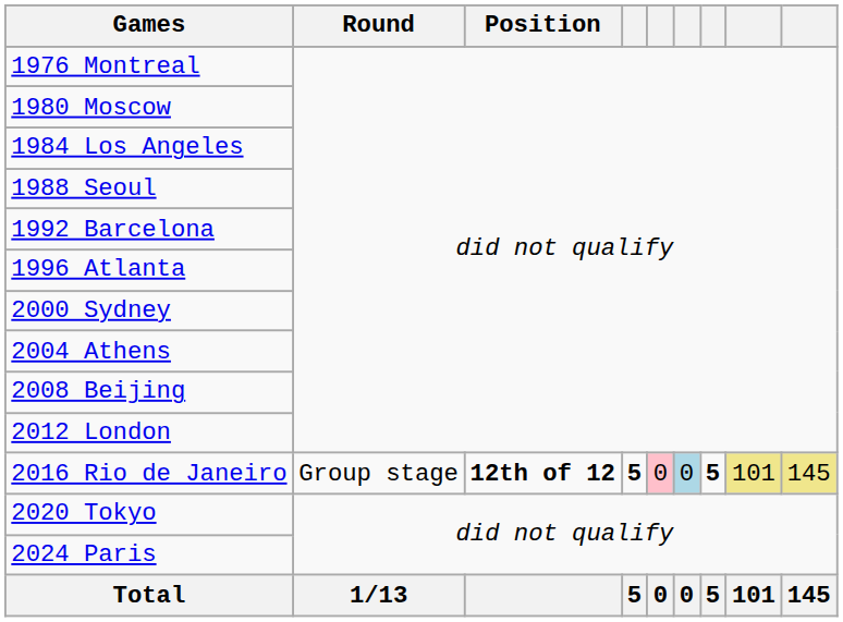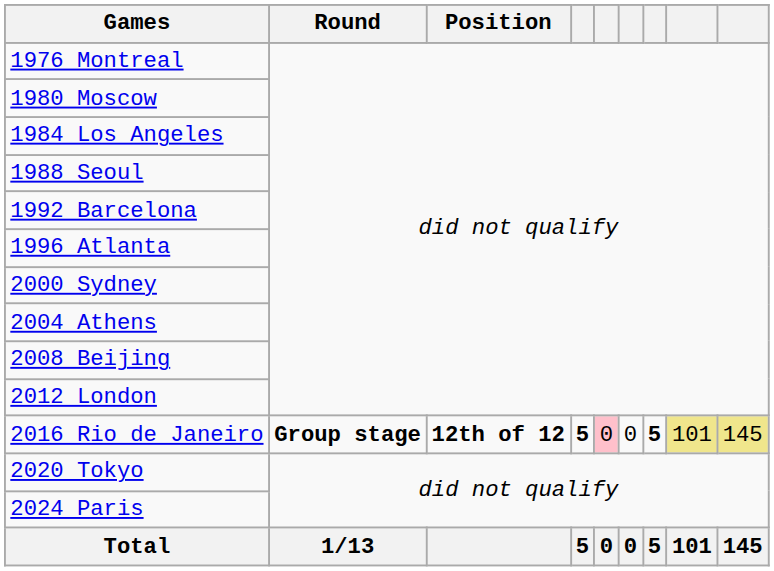 <table class="wikitable" style="text-align:center; font-size:90%;">
 <tr>
 <th>Games</th>
 <th>Round</th>
 <th>Position</th>
 <th></th>
 <th></th>
 <th></th>
 <th></th>
 <th></th>
 <th></th>
 </tr>
 <tr>
 <td align=left> <a href='#'>1976 Montreal</a></td>
 <td rowspan=10 colspan=9><em>did not qualify</em></td>
 </tr>
 <tr>
 <td align=left> <a href='#'>1980 Moscow</a></td>
 </tr>
 <tr>
 <td align=left> <a href='#'>1984 Los Angeles</a></td>
 </tr>
 <tr>
 <td align=left> <a href='#'>1988 Seoul</a></td>
 </tr>
 <tr>
 <td align=left> <a href='#'>1992 Barcelona</a></td>
 </tr>
 <tr>
 <td align=left> <a href='#'>1996 Atlanta</a></td>
 </tr>
 <tr>
 <td align=left> <a href='#'>2000 Sydney</a></td>
 </tr>
 <tr>
 <td align=left> <a href='#'>2004 Athens</a></td>
 </tr>
 <tr>
 <td align=left> <a href='#'>2008 Beijing</a></td>
 </tr>
 <tr>
 <td align=left> <a href='#'>2012 London</a></td>
 </tr>
 <tr>
 <td align=left> <a href='#'>2016 Rio de Janeiro</a></td>
-<td>Group stage</td>
+<td><strong>Group stage</strong></td>
 <td><strong>12th of 12</strong></td>
 <td><strong>5</strong></td>
 <td style="background: pink;">0</td>
-<td style="background: lightblue;">0</td>
+<td>0</td>
 <td><strong>5</strong></td>
 <td style="background: khaki;">101</td>
 <td style="background: khaki;">145</td>
 </tr>
 <tr>
 <td align=left> <a href='#'>2020 Tokyo</a></td>
 <td colspan=9 rowspan=2><em>did not qualify</em></td>
 </tr>
 <tr>
 <td align=left> <a href='#'>2024 Paris</a></td>
 </tr>
 <tr>
 <th>Total</th>
 <th>1/13</th>
 <th></th>
 <th>5</th>
 <th>0</th>
 <th>0</th>
 <th>5</th>
 <th>101</th>
 <th>145</th>
 </tr>
 </table>
